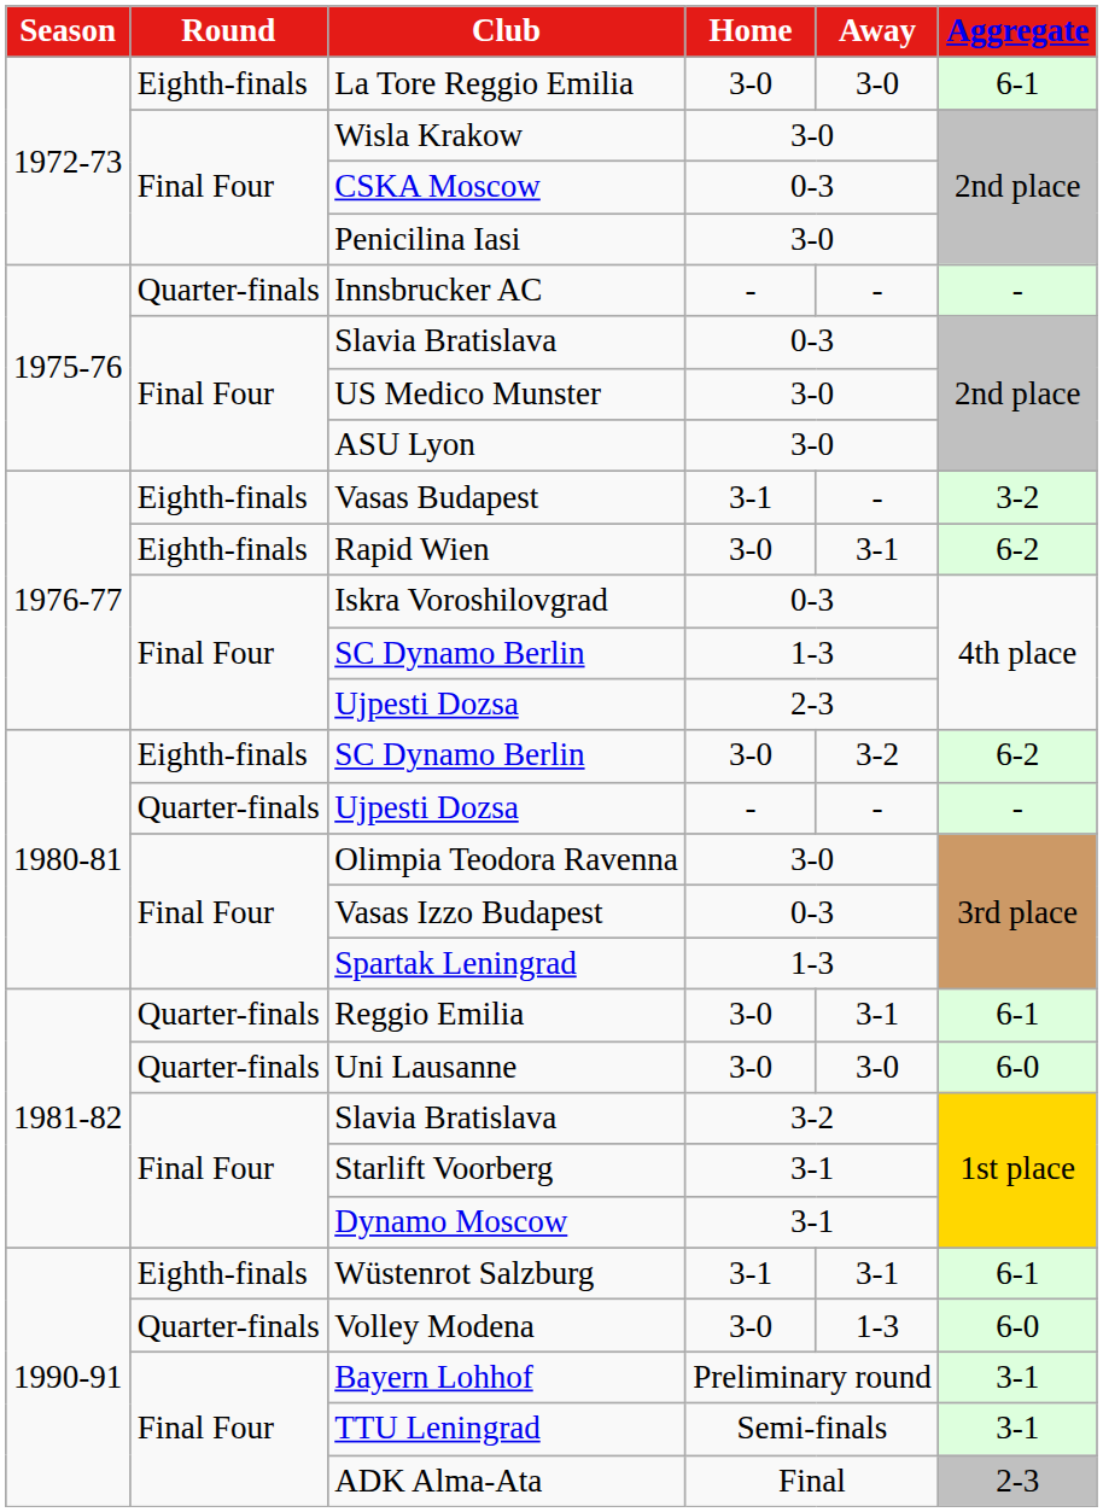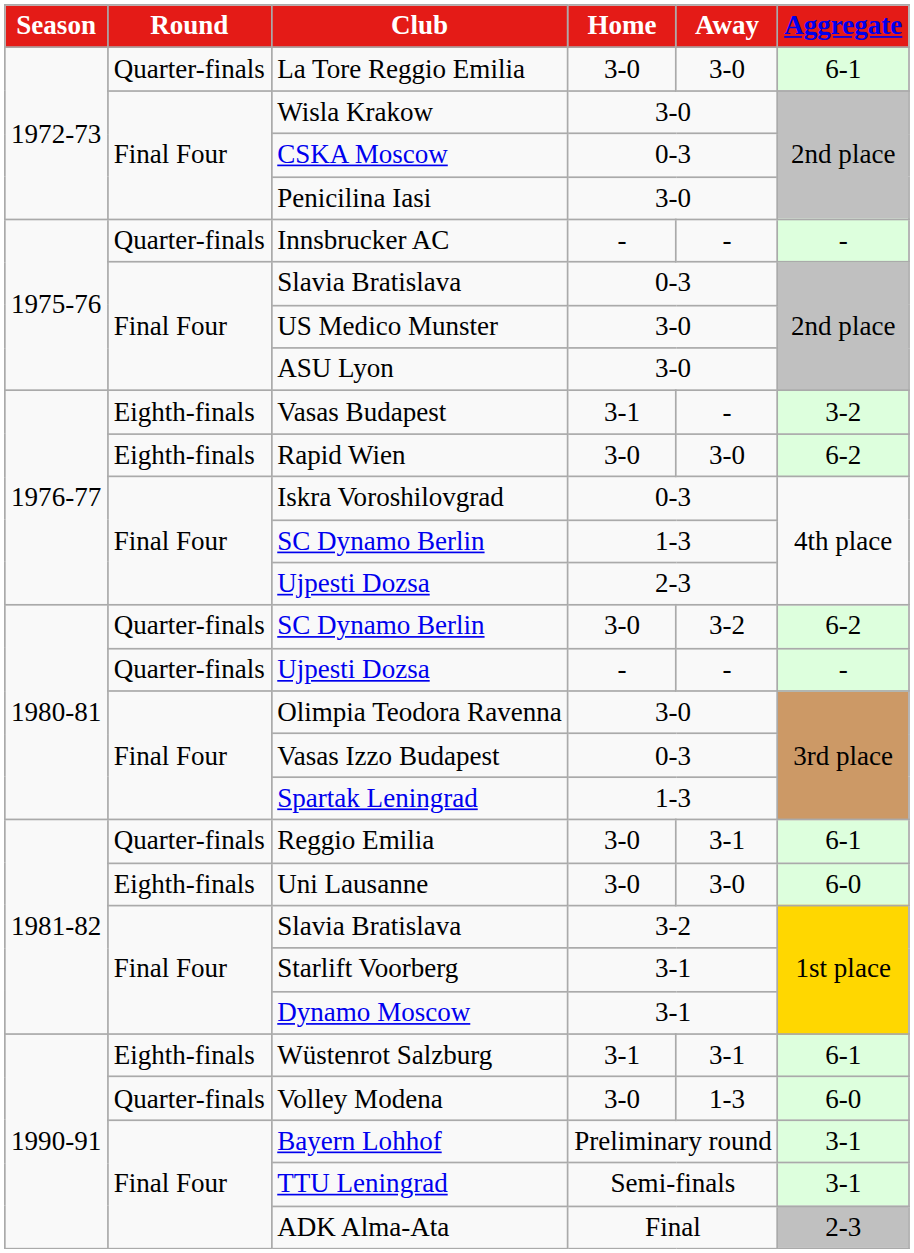 <table class="wikitable">
 <tr>
 <th style="color:white; background:#E41B17;">Season</th>
 <th style="color:white; background:#E41B17;">Round</th>
 <th style="color:white; background:#E41B17;">Club</th>
 <th style="color:white; background:#E41B17;">Home</th>
 <th style="color:white; background:#E41B17;">Away</th>
 <th style="color:white; background:#E41B17;"><a href='#'>Aggregate</a></th>
 </tr>
 <tr>
 <td rowspan="4">1972-73</td>
-<td>Eighth-finals</td>
+<td>Quarter-finals</td>
 <td>La Tore Reggio Emilia</td>
 <td style="text-align:center">3-0</td>
 <td style="text-align:center">3-0</td>
 <td style="text-align:center; background:#dfd;">6-1</td>
 </tr>
 <tr>
 <td rowspan="3">Final Four</td>
 <td>Wisla Krakow</td>
 <td colspan="2" style="text-align:center">3-0</td>
 <td rowspan="3" style="text-align:center; background:silver">2nd place </td>
 </tr>
 <tr>
 <td><a href='#'>CSKA Moscow</a></td>
 <td colspan="2" style="text-align:center">0-3</td>
 </tr>
 <tr>
 <td>Penicilina Iasi</td>
 <td colspan="2" style="text-align:center">3-0</td>
 </tr>
 <tr>
 <td rowspan="4">1975-76</td>
 <td>Quarter-finals</td>
 <td>Innsbrucker AC</td>
 <td style="text-align:center">-</td>
 <td style="text-align:center">-</td>
 <td style="text-align:center; background:#dfd;">-</td>
 </tr>
 <tr>
 <td rowspan="3">Final Four</td>
 <td>Slavia Bratislava</td>
 <td colspan="2" style="text-align:center">0-3</td>
 <td rowspan="3" style="text-align:center; background:silver">2nd place </td>
 </tr>
 <tr>
 <td>US Medico Munster</td>
 <td colspan="2" style="text-align:center">3-0</td>
 </tr>
 <tr>
 <td>ASU Lyon</td>
 <td colspan="2" style="text-align:center">3-0</td>
 </tr>
 <tr>
 <td rowspan="5">1976-77</td>
 <td>Eighth-finals</td>
 <td>Vasas Budapest</td>
 <td style="text-align:center">3-1</td>
 <td style="text-align:center">-</td>
 <td style="text-align:center; background:#dfd;">3-2</td>
 </tr>
 <tr>
 <td>Eighth-finals</td>
 <td>Rapid Wien</td>
 <td style="text-align:center">3-0</td>
-<td style="text-align:center">3-1</td>
+<td style="text-align:center">3-0</td>
 <td style="text-align:center; background:#dfd;">6-2</td>
 </tr>
 <tr>
 <td rowspan="3">Final Four</td>
 <td>Iskra Voroshilovgrad</td>
 <td colspan="2" style="text-align:center">0-3</td>
 <td rowspan="3" style="text-align:center">4th place</td>
 </tr>
 <tr>
 <td><a href='#'>SC Dynamo Berlin</a></td>
 <td colspan="2" style="text-align:center">1-3</td>
 </tr>
 <tr>
 <td><a href='#'>Ujpesti Dozsa</a></td>
 <td colspan="2" style="text-align:center">2-3</td>
 </tr>
 <tr>
 <td rowspan="5">1980-81</td>
-<td>Eighth-finals</td>
+<td>Quarter-finals</td>
 <td><a href='#'>SC Dynamo Berlin</a></td>
 <td style="text-align:center">3-0</td>
 <td style="text-align:center">3-2</td>
 <td style="text-align:center; background:#dfd;">6-2</td>
 </tr>
 <tr>
 <td>Quarter-finals</td>
 <td><a href='#'>Ujpesti Dozsa</a></td>
 <td style="text-align:center">-</td>
 <td style="text-align:center">-</td>
 <td style="text-align:center; background:#dfd;">-</td>
 </tr>
 <tr>
 <td rowspan="3">Final Four</td>
 <td>Olimpia Teodora Ravenna</td>
 <td colspan="2" style="text-align:center">3-0</td>
 <td rowspan="3" style="text-align:center;background:#c96">3rd place </td>
 </tr>
 <tr>
 <td>Vasas Izzo Budapest</td>
 <td colspan="2" style="text-align:center">0-3</td>
 </tr>
 <tr>
 <td><a href='#'>Spartak Leningrad</a></td>
 <td colspan="2" style="text-align:center">1-3</td>
 </tr>
 <tr>
 <td rowspan="5">1981-82</td>
 <td>Quarter-finals</td>
 <td>Reggio Emilia</td>
 <td style="text-align:center">3-0</td>
 <td style="text-align:center">3-1</td>
 <td style="text-align:center; background:#dfd;">6-1</td>
 </tr>
 <tr>
-<td>Quarter-finals</td>
+<td>Eighth-finals</td>
 <td>Uni Lausanne</td>
 <td style="text-align:center">3-0</td>
 <td style="text-align:center">3-0</td>
 <td style="text-align:center; background:#dfd;">6-0</td>
 </tr>
 <tr>
 <td rowspan="3">Final Four</td>
 <td>Slavia Bratislava</td>
 <td colspan="2" style="text-align:center">3-2</td>
 <td rowspan="3" style="text-align:center; background:gold">1st place </td>
 </tr>
 <tr>
 <td>Starlift Voorberg</td>
 <td colspan="2" style="text-align:center">3-1</td>
 </tr>
 <tr>
 <td><a href='#'>Dynamo Moscow</a></td>
 <td colspan="2" style="text-align:center">3-1</td>
 </tr>
 <tr>
 <td rowspan="5">1990-91</td>
 <td>Eighth-finals</td>
 <td>Wüstenrot Salzburg</td>
 <td style="text-align:center">3-1</td>
 <td style="text-align:center">3-1</td>
 <td style="text-align:center; background:#dfd;">6-1</td>
 </tr>
 <tr>
 <td>Quarter-finals</td>
 <td>Volley Modena</td>
 <td style="text-align:center">3-0</td>
 <td style="text-align:center">1-3</td>
 <td style="text-align:center; background:#dfd;">6-0</td>
 </tr>
 <tr>
 <td rowspan="3">Final Four</td>
 <td><a href='#'>Bayern Lohhof</a></td>
 <td colspan="2" style="text-align:center">Preliminary round</td>
 <td style="text-align:center; background:#dfd;">3-1</td>
 </tr>
 <tr>
 <td><a href='#'>TTU Leningrad</a></td>
 <td colspan="2" style="text-align:center">Semi-finals</td>
 <td style="text-align:center; background:#dfd;">3-1</td>
 </tr>
 <tr>
 <td>ADK Alma-Ata</td>
 <td colspan="2" style="text-align:center">Final</td>
 <td style="text-align:center; background:silver">2-3 </td>
 </tr>
 </table>
